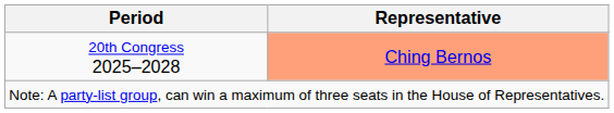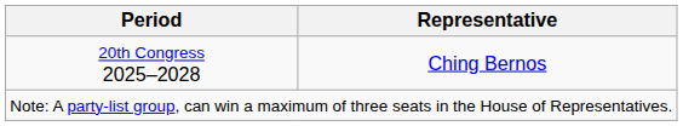 <table class="wikitable" style="text-align:center">
 <tr>
 <th>Period</th>
 <th>Representative</th>
 </tr>
 <tr>
 <td><small><a href='#'>20th Congress</a></small><br>2025–2028<br></td>
-<td style="background: lightsalmon;"><a href='#'>Ching Bernos</a></td>
+<td><a href='#'>Ching Bernos</a></td>
 </tr>
 <tr>
 <td colspan=2><small>Note: A <a href='#'>party-list group</a>, can win a maximum of three seats in the House of Representatives.</small></td>
 </tr>
 </table>
